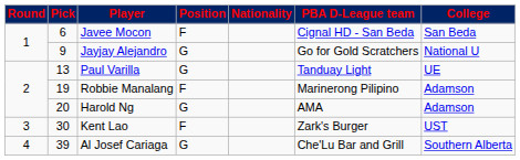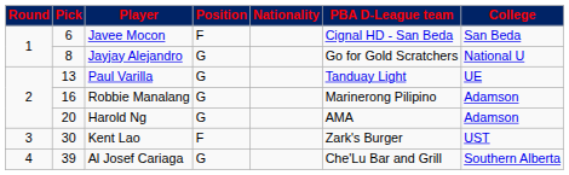 <table class="wikitable sortable sortable">
 <tr>
 <th style="background:#002366; color:#FE0003; ">Round</th>
 <th style="background:#002366; color:#FE0003; ">Pick</th>
 <th style="background:#002366; color:#FE0003; ">Player</th>
 <th style="background:#002366; color:#FE0003; ">Position</th>
 <th style="background:#002366; color:#FE0003; ">Nationality</th>
 <th style="background:#002366; color:#FE0003; ">PBA D-League team</th>
 <th style="background:#002366; color:#FE0003; ">College</th>
 </tr>
 <tr>
 <td rowspan=2 align=center>1</td>
 <td align=center>6</td>
 <td><a href='#'>Javee Mocon</a></td>
 <td>F</td>
 <td></td>
 <td><a href='#'>Cignal HD - San Beda</a></td>
 <td><a href='#'>San Beda</a></td>
 </tr>
 <tr>
-<td align=center>9</td>
+<td align=center>8</td>
 <td><a href='#'>Jayjay Alejandro</a></td>
 <td>G</td>
 <td></td>
 <td>Go for Gold Scratchers</td>
 <td><a href='#'>National U</a></td>
 </tr>
 <tr>
 <td rowspan=3 align=center>2</td>
 <td align=center>13</td>
 <td><a href='#'>Paul Varilla</a></td>
 <td>G</td>
 <td></td>
 <td><a href='#'>Tanduay Light</a></td>
 <td><a href='#'>UE</a></td>
 </tr>
 <tr>
-<td align=center>19</td>
+<td align=center>16</td>
 <td>Robbie Manalang</td>
-<td>F</td>
+<td>G</td>
 <td></td>
 <td>Marinerong Pilipino</td>
 <td><a href='#'>Adamson</a></td>
 </tr>
 <tr>
 <td align=center>20</td>
 <td>Harold Ng</td>
 <td>G</td>
 <td></td>
 <td>AMA</td>
 <td><a href='#'>Adamson</a></td>
 </tr>
 <tr>
 <td align=center>3</td>
 <td align=center>30</td>
 <td>Kent Lao</td>
 <td>F</td>
 <td></td>
 <td>Zark's Burger</td>
 <td><a href='#'>UST</a></td>
 </tr>
 <tr>
 <td align=center>4</td>
 <td align=center>39</td>
 <td>Al Josef Cariaga</td>
 <td>G</td>
 <td></td>
 <td>Che'Lu Bar and Grill</td>
 <td><a href='#'>Southern Alberta</a></td>
 </tr>
 </table>
